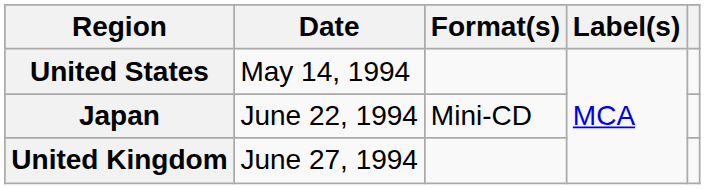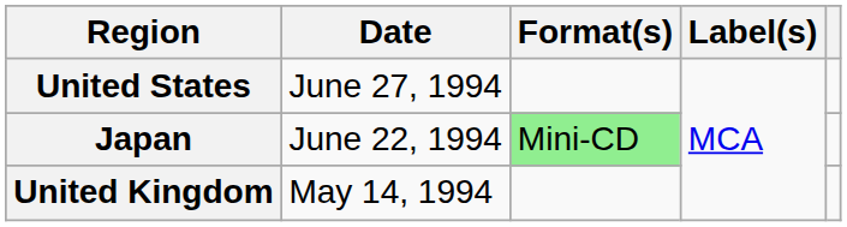 <table class="wikitable plainrowheaders">
 <tr>
 <th scope="col">Region</th>
 <th scope="col">Date</th>
 <th scope="col">Format(s)</th>
 <th scope="col">Label(s)</th>
 <th scope="col"></th>
 </tr>
 <tr>
 <th scope="row">United States</th>
-<td>May 14, 1994</td>
+<td>June 27, 1994</td>
 <td></td>
 <td rowspan="3"><a href='#'>MCA</a></td>
 <td></td>
 </tr>
 <tr>
 <th scope="row">Japan</th>
 <td>June 22, 1994</td>
-<td>Mini-CD</td>
+<td style="background: lightgreen;">Mini-CD</td>
 <td></td>
 </tr>
 <tr>
 <th scope="row">United Kingdom</th>
-<td>June 27, 1994</td>
+<td>May 14, 1994</td>
 <td></td>
 <td></td>
 </tr>
 </table>
